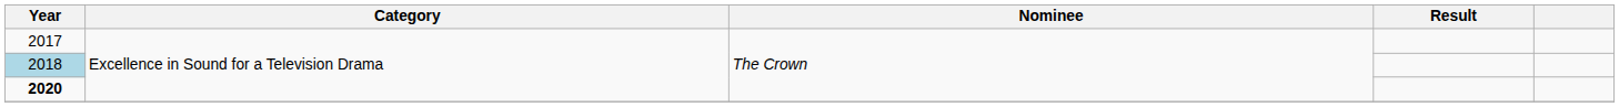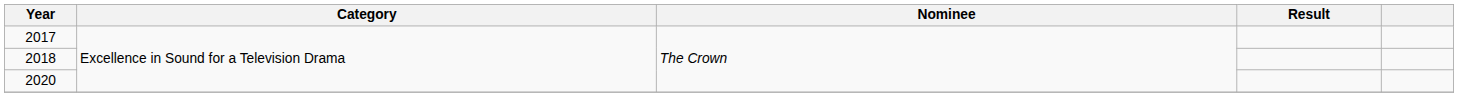 <table class="wikitable" style="width:85%;">
 <tr>
 <th width=5%>Year</th>
 <th style="width:40%;">Category</th>
 <th style="width:40%;">Nominee</th>
 <th style="width:10%;">Result</th>
 <th width=5%></th>
 </tr>
 <tr>
 <td style="text-align: center;">2017</td>
 <td rowspan=3>Excellence in Sound for a Television Drama</td>
 <td rowspan=3><em>The Crown</em></td>
 <td></td>
 <td></td>
 </tr>
 <tr>
-<td style="background: lightblue; text-align: center;">2018</td>
+<td style="text-align: center;">2018</td>
 <td></td>
 <td></td>
 </tr>
 <tr>
-<td style="text-align: center;"><strong>2020</strong></td>
+<td style="text-align: center;">2020</td>
 <td></td>
 <td></td>
 </tr>
 <tr>
 </tr>
 </table>
